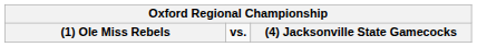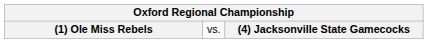 <table class="wikitable">
 <tr>
 <th style="width: 604px;" colspan=3>Oxford Regional Championship</th>
 </tr>
 <tr>
 <th style="width: 289px; ">(1) Ole Miss Rebels</th>
-<td style="width: 25px; text-align:center"><strong>vs.</strong></td>
+<td style="width: 25px; text-align:center">vs.</td>
 <th style="width: 289px; ">(4) Jacksonville State Gamecocks</th>
 </tr>
 </table>
